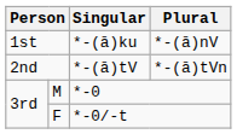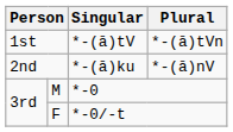 <table class="wikitable" style="float:right; font-size:smaller;">
 <tr>
 <th colspan=2>Person</th>
 <th>Singular</th>
 <th>Plural</th>
 </tr>
 <tr>
 <td colspan=2>1st</td>
-<td>*-(ā)ku</td>
-<td>*-(ā)nV</td>
+<td>*-(ā)tV</td>
+<td>*-(ā)tVn</td>
 </tr>
 <tr>
 <td colspan=2>2nd</td>
-<td>*-(ā)tV</td>
-<td>*-(ā)tVn</td>
+<td>*-(ā)ku</td>
+<td>*-(ā)nV</td>
 </tr>
 <tr>
 <td rowspan=2>3rd</td>
 <td>M</td>
 <td colspan=2>*-0</td>
 </tr>
 <tr>
 <td>F</td>
 <td colspan=2>*-0/-t</td>
 </tr>
 </table>
